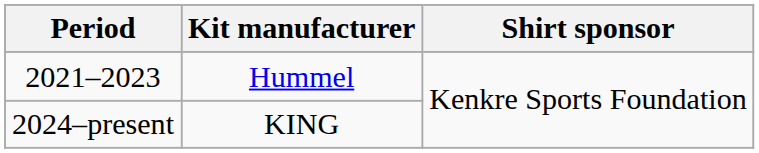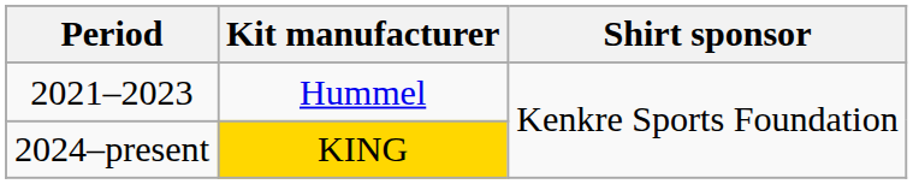 <table class="wikitable" style="text-align:center;margin-left:1em;float:center">
 <tr>
 <th>Period</th>
 <th>Kit manufacturer</th>
 <th>Shirt sponsor</th>
 </tr>
 <tr>
 <td>2021–2023</td>
 <td><a href='#'>Hummel</a></td>
 <td rowspan="2">Kenkre Sports Foundation</td>
 </tr>
 <tr>
 <td>2024–present</td>
-<td>KING</td>
+<td style="background: gold;">KING</td>
 </tr>
 </table>
